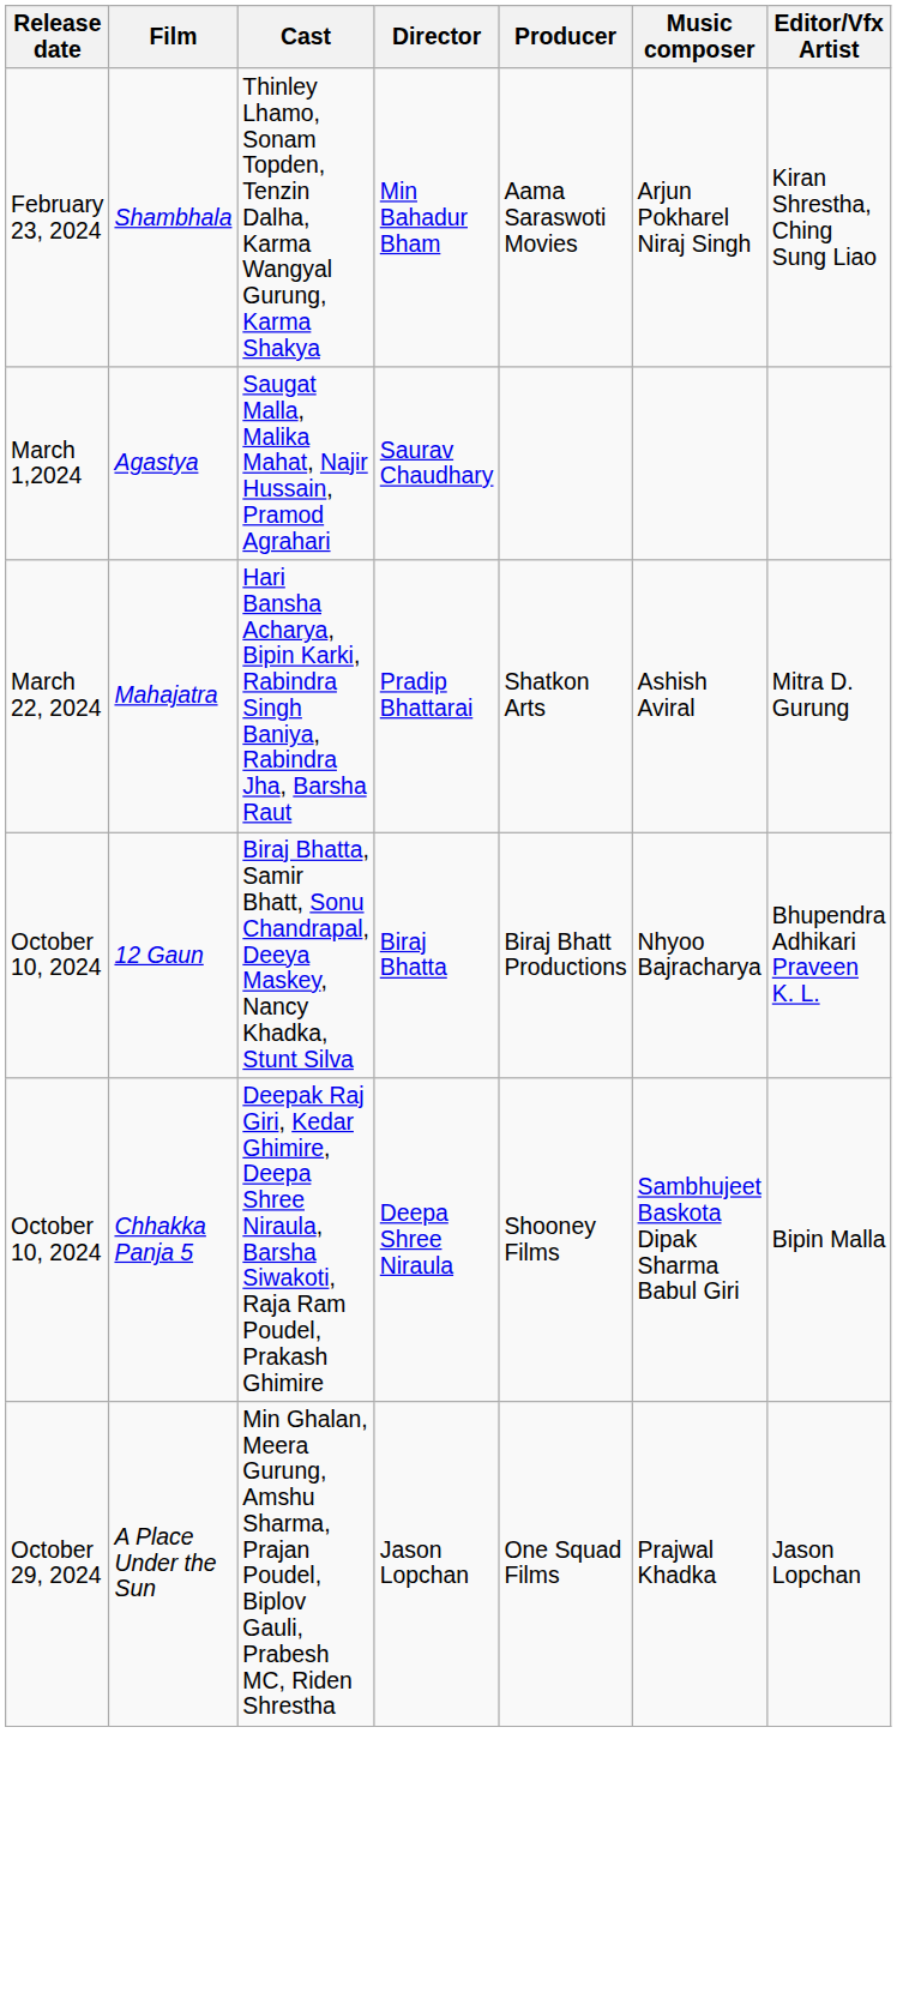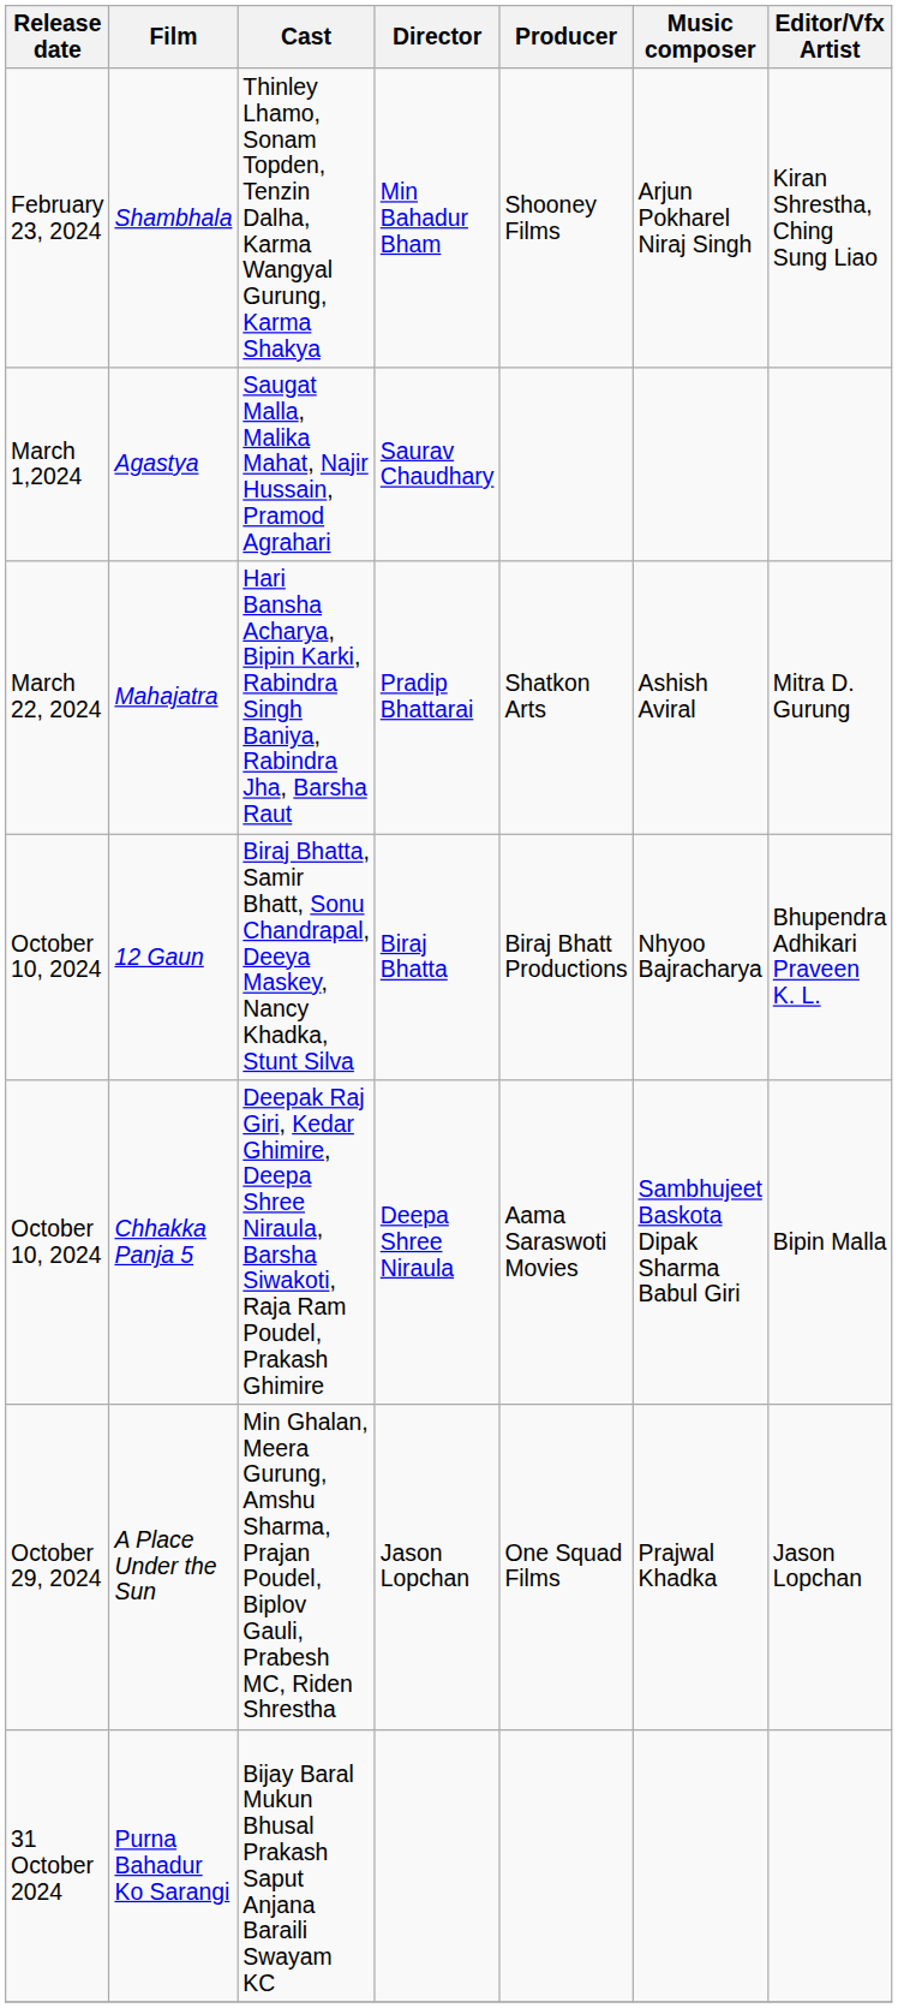 <table class="wikitable sortable">
 <tr>
 <th>Release date</th>
 <th>Film</th>
 <th>Cast</th>
 <th>Director</th>
 <th>Producer</th>
 <th>Music composer</th>
 <th>Editor/Vfx Artist</th>
 </tr>
 <tr>
 <td>February 23, 2024</td>
 <td><em><a href='#'>Shambhala</a></em></td>
 <td>Thinley Lhamo, Sonam Topden, Tenzin Dalha, Karma Wangyal Gurung, <a href='#'>Karma Shakya</a></td>
 <td><a href='#'>Min Bahadur Bham</a></td>
-<td>Aama Saraswoti Movies</td>
+<td>Shooney Films</td>
 <td>Arjun Pokharel<br>Niraj Singh</td>
 <td>Kiran Shrestha, Ching Sung Liao</td>
 </tr>
 <tr>
 <td>March 1,2024</td>
 <td><em><a href='#'>Agastya</a></em></td>
 <td><a href='#'>Saugat Malla</a>, <a href='#'>Malika Mahat</a>, <a href='#'>Najir Hussain</a>, <a href='#'>Pramod Agrahari</a></td>
 <td><a href='#'>Saurav Chaudhary</a></td>
 <td></td>
 <td></td>
 <td></td>
 </tr>
 <tr>
 <td>March 22, 2024</td>
 <td><em><a href='#'>Mahajatra</a></em></td>
 <td><a href='#'>Hari Bansha Acharya</a>, <a href='#'>Bipin Karki</a>, <a href='#'>Rabindra Singh Baniya</a>, <a href='#'>Rabindra Jha</a>, <a href='#'>Barsha Raut</a></td>
 <td><a href='#'>Pradip Bhattarai</a></td>
 <td>Shatkon Arts</td>
 <td>Ashish Aviral</td>
 <td>Mitra D. Gurung</td>
 </tr>
 <tr>
 <td>October 10, 2024</td>
 <td><em><a href='#'>12 Gaun</a></em></td>
 <td><a href='#'>Biraj Bhatta</a>, Samir Bhatt, <a href='#'>Sonu Chandrapal</a>, <a href='#'>Deeya Maskey</a>, Nancy Khadka, <a href='#'>Stunt Silva</a></td>
 <td><a href='#'>Biraj Bhatta</a></td>
 <td>Biraj Bhatt Productions</td>
 <td>Nhyoo Bajracharya</td>
 <td>Bhupendra Adhikari<br><a href='#'>Praveen K. L.</a></td>
 </tr>
 <tr>
 <td>October 10, 2024</td>
 <td><em><a href='#'>Chhakka Panja 5</a></em></td>
 <td><a href='#'>Deepak Raj Giri</a>, <a href='#'>Kedar Ghimire</a>, <a href='#'>Deepa Shree Niraula</a>, <a href='#'>Barsha Siwakoti</a>, Raja Ram Poudel, Prakash Ghimire</td>
 <td><a href='#'>Deepa Shree Niraula</a></td>
-<td>Shooney Films</td>
+<td>Aama Saraswoti Movies</td>
 <td><a href='#'>Sambhujeet Baskota</a><br>Dipak Sharma<br>Babul Giri</td>
 <td>Bipin Malla</td>
 </tr>
 <tr>
 <td>October 29, 2024</td>
 <td><em>A Place Under the Sun </em></td>
 <td>Min Ghalan, Meera Gurung, Amshu Sharma, Prajan Poudel, Biplov Gauli, Prabesh MC, Riden Shrestha</td>
 <td>Jason Lopchan</td>
 <td>One Squad Films</td>
 <td>Prajwal Khadka</td>
 <td>Jason Lopchan</td>
 </tr>
 <tr>
+<td>31 October 2024</td>
+<td><a href='#'>Purna Bahadur Ko Sarangi</a></td>
+<td><br>Bijay Baral Mukun Bhusal Prakash Saput Anjana Baraili Swayam KC</td>
+<td></td>
+<td></td>
+<td></td>
+<td></td>
+</tr>
+<tr>
 </tr>
 </table>
